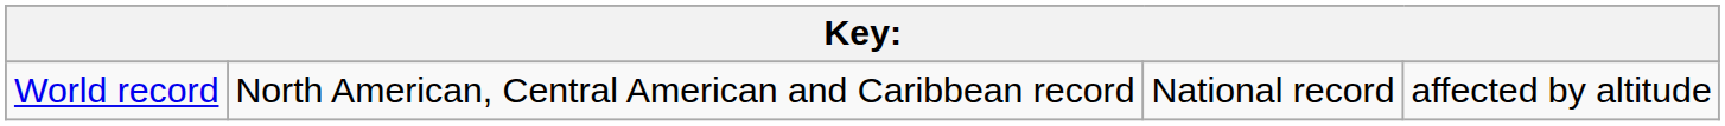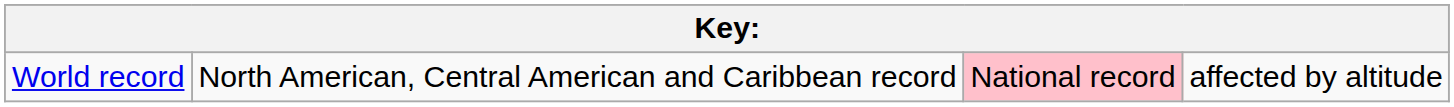 <table class="wikitable">
 <tr>
 <th colspan=4>Key:</th>
 </tr>
 <tr>
 <td><a href='#'>World record</a></td>
 <td>North American, Central American and Caribbean record</td>
-<td>National record</td>
+<td style="background: pink;">National record</td>
 <td>affected by altitude</td>
 </tr>
 </table>
